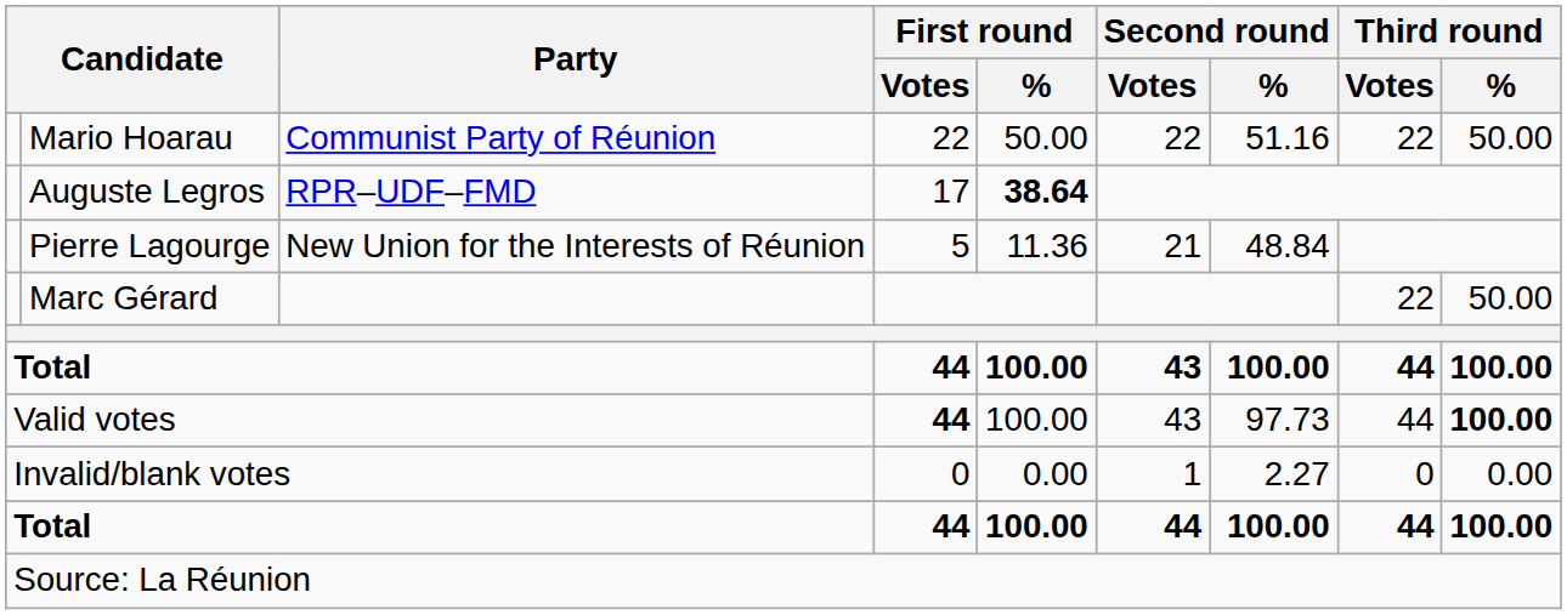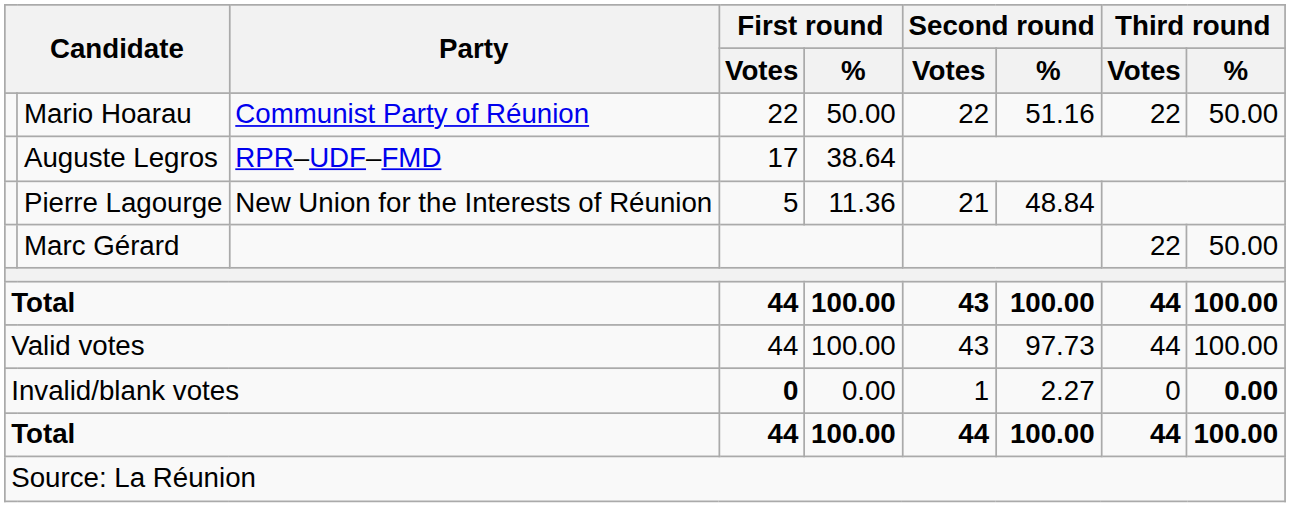 <table class="wikitable sortable" style=text-align:right>
 <tr>
 <th rowspan=2 colspan=2>Candidate</th>
 <th rowspan=2>Party</th>
 <th colspan=2>First round</th>
 <th colspan=2>Second round</th>
 <th colspan=2>Third round</th>
 </tr>
 <tr>
 <th>Votes</th>
 <th>%</th>
 <th>Votes</th>
 <th>%</th>
 <th>Votes</th>
 <th>%</th>
 </tr>
 <tr>
 <td bgcolor=></td>
 <td align=left>Mario Hoarau</td>
 <td align=left><a href='#'>Communist Party of Réunion</a></td>
 <td>22</td>
 <td>50.00</td>
 <td>22</td>
 <td>51.16</td>
 <td>22</td>
 <td>50.00</td>
 </tr>
 <tr>
 <td bgcolor=></td>
 <td align=left>Auguste Legros</td>
 <td align=left><a href='#'>RPR</a>–<a href='#'>UDF</a>–<a href='#'>FMD</a></td>
 <td>17</td>
-<td><strong>38.64</strong></td>
+<td>38.64</td>
 <td colspan=4></td>
 </tr>
 <tr>
 <td></td>
 <td align=left>Pierre Lagourge</td>
 <td align=left>New Union for the Interests of Réunion</td>
 <td>5</td>
 <td>11.36</td>
 <td>21</td>
 <td>48.84</td>
 <td colspan=2></td>
 </tr>
 <tr>
 <td></td>
 <td align=left>Marc Gérard</td>
 <td></td>
 <td colspan=2></td>
 <td colspan=2></td>
 <td>22</td>
 <td>50.00</td>
 </tr>
 <tr class=sortbottom>
 <th colspan=9></th>
 </tr>
 <tr class=sortbottom style=font-weight:bold>
 <td align=left colspan=3>Total</td>
 <td>44</td>
 <td>100.00</td>
 <td>43</td>
 <td>100.00</td>
 <td>44</td>
 <td>100.00</td>
 </tr>
 <tr class=sortbottom>
 <td align=left colspan=3>Valid votes</td>
-<td><strong>44</strong></td>
+<td>44</td>
 <td>100.00</td>
 <td>43</td>
 <td>97.73</td>
 <td>44</td>
-<td><strong>100.00</strong></td>
+<td>100.00</td>
 </tr>
 <tr class=sortbottom>
 <td align=left colspan=3>Invalid/blank votes</td>
-<td>0</td>
+<td><strong>0</strong></td>
 <td>0.00</td>
 <td>1</td>
 <td>2.27</td>
 <td>0</td>
-<td>0.00</td>
+<td><strong>0.00</strong></td>
 </tr>
 <tr class=sortbottom style=font-weight:bold>
 <td align=left colspan=3>Total</td>
 <td>44</td>
 <td>100.00</td>
 <td>44</td>
 <td>100.00</td>
 <td>44</td>
 <td>100.00</td>
 </tr>
 <tr class=sortbottom>
 <td align=left colspan=9>Source: La Réunion</td>
 </tr>
 </table>
